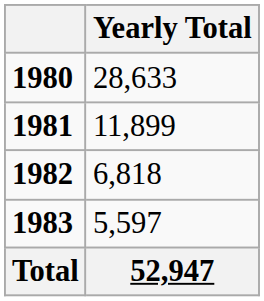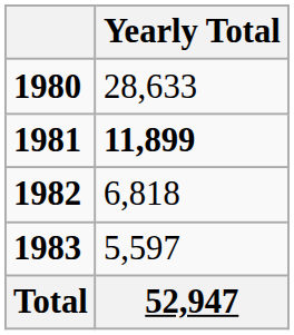 <table class="wikitable">
 <tr>
 <th></th>
 <th>Yearly Total</th>
 </tr>
 <tr>
 <td><strong>1980</strong></td>
 <td>28,633</td>
 </tr>
 <tr>
 <td><strong>1981</strong></td>
-<td>11,899</td>
+<td><strong>11,899</strong></td>
 </tr>
 <tr>
 <td><strong>1982</strong></td>
 <td>6,818</td>
 </tr>
 <tr>
 <td><strong>1983</strong></td>
 <td>5,597</td>
 </tr>
 <tr>
 <th>Total</th>
 <th><u>52,947</u></th>
 </tr>
 </table>
